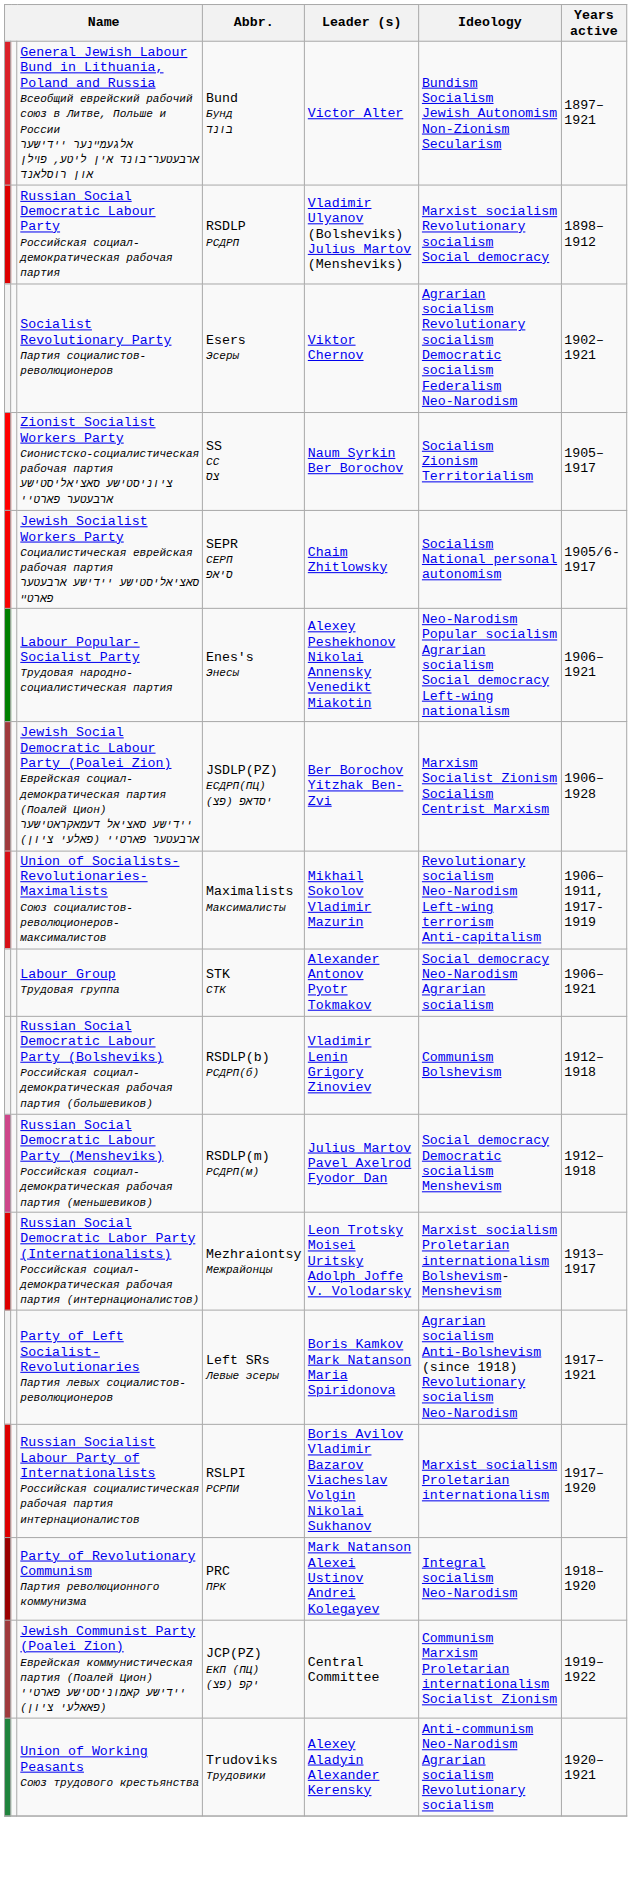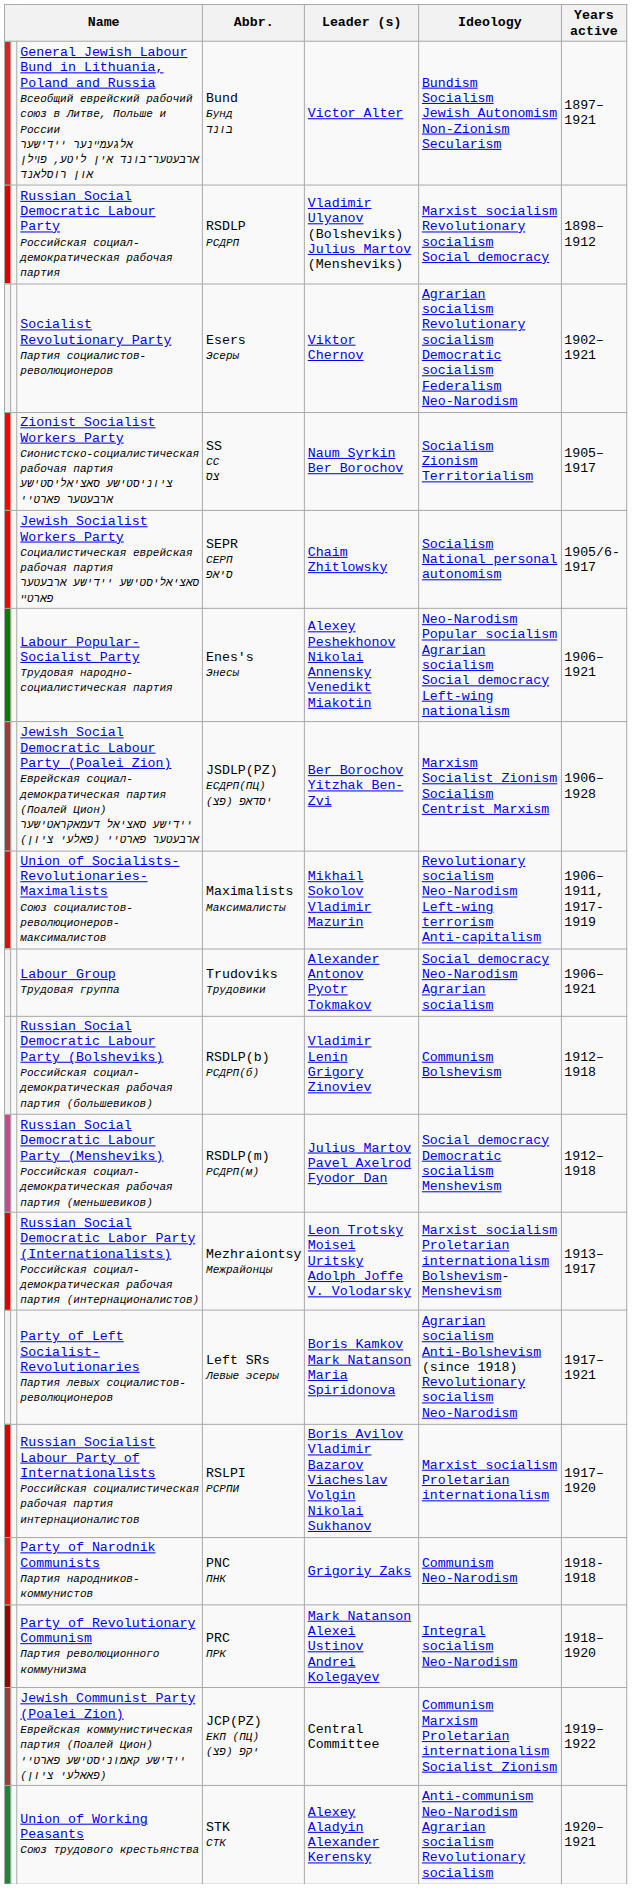 <table class="wikitable sortable">
 <tr>
 <th colspan=3>Name</th>
 <th>Abbr.</th>
 <th>Leader (s)</th>
 <th>Ideology</th>
 <th>Years active</th>
 </tr>
 <tr>
 <th style="background:#DA2129;"></th>
 <td></td>
 <td><a href='#'>General Jewish Labour Bund in Lithuania, Poland and Russia</a><br><small><em>Всеобщий еврейский рабочий союз в Литве, Польше и России<br>אלגעמײנער יידישער ארבעטער־בונד אין ליטע, פױלן און רוסלאנד</em></small></td>
 <td>Bund<br><small><em>Бунд<br>בונד</em></small></td>
 <td><a href='#'>Victor Alter</a></td>
 <td><a href='#'>Bundism</a><br><a href='#'>Socialism</a><br><a href='#'>Jewish Autonomism</a><br><a href='#'>Non-Zionism</a><br><a href='#'>Secularism</a></td>
 <td>1897–1921</td>
 </tr>
 <tr>
 <th style="background:#DD0000;"></th>
 <td></td>
 <td><a href='#'>Russian Social Democratic Labour Party</a><br><small><em>Российская социал-демократическая рабочая партия</em></small></td>
 <td>RSDLP<br><small><em>РСДРП</em></small></td>
 <td><a href='#'>Vladimir Ulyanov</a> (Bolsheviks)<br><a href='#'>Julius Martov</a> (Mensheviks)</td>
 <td><a href='#'>Marxist socialism</a><br><a href='#'>Revolutionary socialism</a><br><a href='#'>Social democracy</a></td>
 <td>1898–1912</td>
 </tr>
 <tr>
 <th style="background:"></th>
 <td></td>
 <td><a href='#'>Socialist Revolutionary Party</a><br><small><em>Партия социалистов-революционеров</em></small></td>
 <td>Esers<br><small><em>Эсеры</em></small></td>
 <td><a href='#'>Viktor Chernov</a></td>
 <td><a href='#'>Agrarian socialism</a><br><a href='#'>Revolutionary socialism</a><br><a href='#'>Democratic socialism</a><br><a href='#'>Federalism</a><br><a href='#'>Neo-Narodism</a></td>
 <td>1902–1921</td>
 </tr>
 <tr>
 <th style="background:#FF0000"></th>
 <td></td>
 <td><a href='#'>Zionist Socialist Workers Party</a><br><small><em>Сионистско-социалистическая рабочая партия<br>ציוניסטישע סאציאליסטישע ארבעטער פארטיי</em></small></td>
 <td>SS<br><small><em>СС<br>צס</em></small></td>
 <td><a href='#'>Naum Syrkin</a><br><a href='#'>Ber Borochov</a></td>
 <td><a href='#'>Socialism</a><br><a href='#'>Zionism</a><br><a href='#'>Territorialism</a></td>
 <td>1905–1917<br></td>
 </tr>
 <tr>
 <th style="background:#F60201"></th>
 <td></td>
 <td><a href='#'>Jewish Socialist Workers Party</a><br><small><em>Социалистическая еврейская рабочая партия<br>סאציאליסטישע יידישע ארבעטער פארטײ</em></small></td>
 <td>SEPR<br><small><em>СЕРП<br>סיאפ</em></small></td>
 <td><a href='#'>Chaim Zhitlowsky</a></td>
 <td><a href='#'>Socialism</a><br><a href='#'>National personal autonomism</a></td>
 <td>1905/6-1917<br></td>
 </tr>
 <tr>
 <th style="background:#008000"></th>
 <td></td>
 <td><a href='#'>Labour Popular-Socialist Party</a><br><small><em>Трудовая народно-социалистическая партия</em></small></td>
 <td>Enes's<br><small><em>Энесы</em></small></td>
 <td><a href='#'>Alexey Peshekhonov</a><br><a href='#'>Nikolai Annensky</a><br><a href='#'>Venedikt Miakotin</a></td>
 <td><a href='#'>Neo-Narodism</a><br><a href='#'>Popular socialism</a><br><a href='#'>Agrarian socialism</a><br><a href='#'>Social democracy</a><br><a href='#'>Left-wing nationalism</a></td>
 <td>1906–1921</td>
 </tr>
 <tr>
 <th style="background:#9F3A3C"></th>
 <td></td>
 <td><a href='#'>Jewish Social Democratic Labour Party (Poalei Zion)</a><br><small><em>Еврейская социал-демократическая партия (Поалей Цион)<br>יידישע סאציאל דעמאקראטישער ארבעטער פארטיי (פאלעי ציון)</em></small></td>
 <td>JSDLP(PZ)<br><small><em>ЕСДРП(ПЦ)<br>יסדאפ (פצ)</em></small></td>
 <td><a href='#'>Ber Borochov</a><br><a href='#'>Yitzhak Ben-Zvi</a></td>
 <td><a href='#'>Marxism</a><br><a href='#'>Socialist Zionism</a><br><a href='#'>Socialism</a><br><a href='#'>Centrist Marxism</a></td>
 <td>1906–1928</td>
 </tr>
 <tr>
 <th style="background:#D71017"></th>
 <td></td>
 <td><a href='#'>Union of Socialists-Revolutionaries-Maximalists</a><br><small><em>Союз социалистов-революционеров-максималистов</em></small></td>
 <td>Maximalists<br><small><em>Максималисты</em></small></td>
 <td><a href='#'>Mikhail Sokolov</a><br><a href='#'>Vladimir Mazurin</a></td>
 <td><a href='#'>Revolutionary socialism</a><br><a href='#'>Neo-Narodism</a><br><a href='#'>Left-wing terrorism</a><br><a href='#'>Anti-capitalism</a></td>
 <td>1906–1911,<br>1917-1919</td>
 </tr>
 <tr>
 <th style="background:"></th>
 <td></td>
 <td><a href='#'>Labour Group</a><br><small><em>Трудовая группа</em></small></td>
-<td>STK<br><small><em>СТК</em></small></td>
+<td>Trudoviks<br><small><em>Трудовики</em></small></td>
 <td><a href='#'>Alexander Antonov</a><br><a href='#'>Pyotr Tokmakov</a></td>
 <td><a href='#'>Social democracy</a><br><a href='#'>Neo-Narodism</a><br><a href='#'>Agrarian socialism</a></td>
 <td>1906–1921</td>
 </tr>
 <tr>
 <th style="background:"></th>
 <td></td>
 <td><a href='#'>Russian Social Democratic Labour Party (Bolsheviks)</a><br><small><em>Российская социал-демократическая рабочая партия (большевиков)</em></small></td>
 <td>RSDLP(b)<br><small><em>РСДРП(б)</em></small></td>
 <td><a href='#'>Vladimir Lenin</a><br><a href='#'>Grigory Zinoviev</a></td>
 <td><a href='#'>Communism</a><br><a href='#'>Bolshevism</a></td>
 <td>1912–1918<br></td>
 </tr>
 <tr>
 <th style="background:#CE468A"></th>
 <td></td>
 <td><a href='#'>Russian Social Democratic Labour Party (Mensheviks)</a><br><small><em>Российская социал-демократическая рабочая партия (меньшевиков)</em></small></td>
 <td>RSDLP(m)<br><small><em>РСДРП(м)</em></small></td>
 <td><a href='#'>Julius Martov</a><br><a href='#'>Pavel Axelrod</a><br><a href='#'>Fyodor Dan</a></td>
 <td><a href='#'>Social democracy</a><br><a href='#'>Democratic socialism</a><br><a href='#'>Menshevism</a></td>
 <td>1912–1918</td>
 </tr>
 <tr>
 <th style="background:#DD0000"></th>
 <td></td>
 <td><a href='#'>Russian Social Democratic Labor Party (Internationalists)</a><br><small><em>Российская социал-демократическая рабочая партия (интернационалистов)</em></small></td>
 <td>Mezhraiontsy<br><small><em>Межрайонцы</em></small></td>
 <td><a href='#'>Leon Trotsky</a><br><a href='#'>Moisei Uritsky</a><br><a href='#'>Adolph Joffe</a><br><a href='#'>V. Volodarsky</a></td>
 <td><a href='#'>Marxist socialism</a><br><a href='#'>Proletarian internationalism</a><br><a href='#'>Bolshevism</a>-<a href='#'>Menshevism</a></td>
 <td>1913–1917<br></td>
 </tr>
 <tr>
 <th style="background:"></th>
 <td></td>
 <td><a href='#'>Party of Left Socialist-Revolutionaries</a><br><small><em>Партия левых социалистов-революционеров</em></small></td>
 <td>Left SRs<br><small><em>Левые эсеры</em></small></td>
 <td><a href='#'>Boris Kamkov</a><br><a href='#'>Mark Natanson</a><br><a href='#'>Maria Spiridonova</a></td>
 <td><a href='#'>Agrarian socialism</a><br><a href='#'>Anti-Bolshevism</a> (since 1918)<br><a href='#'>Revolutionary socialism</a><br><a href='#'>Neo-Narodism</a></td>
 <td>1917–1921</td>
 </tr>
 <tr>
 <th style="background:#DD0000;"></th>
 <td></td>
 <td><a href='#'>Russian Socialist Labour Party of Internationalists</a><br><small><em>Российская социалистическая рабочая партия интернационалистов</em></small></td>
 <td>RSLPI<br><small><em>РСРПИ</em></small></td>
 <td><a href='#'>Boris Avilov</a><br><a href='#'>Vladimir Bazarov</a><br><a href='#'>Viacheslav Volgin</a><br><a href='#'>Nikolai Sukhanov</a></td>
 <td><a href='#'>Marxist socialism</a><br><a href='#'>Proletarian internationalism</a></td>
 <td>1917–1920<br></td>
 </tr>
 <tr>
+<th style="background:#D71E19;"></th>
+<td></td>
+<td><a href='#'>Party of Narodnik Communists</a><br><small><em>Партия народников-коммунистов</em></small></td>
+<td>PNC<br><small><em>ПНК</em></small></td>
+<td><a href='#'>Grigoriy Zaks</a></td>
+<td><a href='#'>Communism</a><br><a href='#'>Neo-Narodism</a></td>
+<td>1918-1918<br></td>
+</tr>
+<tr>
 <th style="background:#990000;"></th>
 <td></td>
 <td><a href='#'>Party of Revolutionary Communism</a><br><small><em>Партия революционного коммунизма</em></small></td>
 <td>PRC<br><small><em>ПРК</em></small></td>
 <td><a href='#'>Mark Natanson</a><br><a href='#'>Alexei Ustinov</a><br><a href='#'>Andrei Kolegayev</a></td>
 <td><a href='#'>Integral socialism</a><br><a href='#'>Neo-Narodism</a></td>
 <td>1918–1920<br></td>
 </tr>
 <tr>
 <th style="background:#9F3A3C"></th>
 <td></td>
 <td><a href='#'>Jewish Communist Party (Poalei Zion)</a><br><small><em>Еврейская коммунистическая партия (Поалей Цион)<br>יידישע קאמוניסטישע פארטיי (פאאלעי ציון)</em></small></td>
 <td>JСP(PZ)<br><small><em>ЕКП (ПЦ)<br>יקפ (פצ)</em></small></td>
 <td>Central Committee</td>
 <td><a href='#'>Communism</a><br><a href='#'>Marxism</a><br><a href='#'>Proletarian internationalism</a><br><a href='#'>Socialist Zionism</a></td>
 <td>1919–1922<br></td>
 </tr>
 <tr>
 <th style="background:#1F833C;"></th>
 <td></td>
 <td><a href='#'>Union of Working Peasants</a><br><small><em>Союз трудового крестьянства</em></small></td>
-<td>Trudoviks<br><small><em>Трудовики</em></small></td>
+<td>STK<br><small><em>СТК</em></small></td>
 <td><a href='#'>Alexey Aladyin</a><br><a href='#'>Alexander Kerensky</a></td>
 <td><a href='#'>Anti-communism</a><br><a href='#'>Neo-Narodism</a><br><a href='#'>Agrarian socialism</a><br><a href='#'>Revolutionary socialism</a></td>
 <td>1920–1921</td>
 </tr>
 <tr>
 </tr>
 </table>
